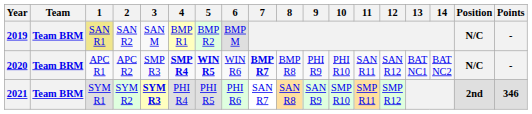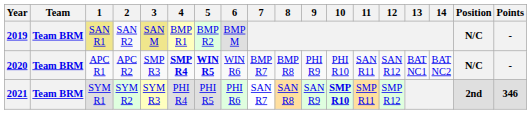 <table class="wikitable" style="text-align:center; font-size:85%">
 <tr>
 <th>Year</th>
 <th>Team</th>
 <th>1</th>
 <th>2</th>
 <th>3</th>
 <th>4</th>
 <th>5</th>
 <th>6</th>
 <th>7</th>
 <th>8</th>
 <th>9</th>
 <th>10</th>
 <th>11</th>
 <th>12</th>
 <th>13</th>
 <th>14</th>
 <th>Position</th>
 <th>Points</th>
 </tr>
 <tr>
 <th><a href='#'>2019</a></th>
 <th nowrap><a href='#'>Team BRM</a></th>
 <td style="background: khaki;"><a href='#'>SAN<br>R1</a></td>
 <td><a href='#'>SAN<br>R2</a></td>
-<td><a href='#'>SAN<br>M</a></td>
+<td style="background: khaki;"><a href='#'>SAN<br>M</a></td>
 <td style=background:#ffffbf><a href='#'>BMP<br>R1</a><br></td>
 <td style=background:#dfffdf><a href='#'>BMP<br>R2</a><br></td>
 <td style=background:#dfdfdf><a href='#'>BMP<br>M</a><br></td>
 <th colspan=8></th>
 <th>N/C</th>
 <th>-</th>
 </tr>
 <tr>
 <th><a href='#'>2020</a></th>
 <th><a href='#'>Team BRM</a></th>
 <td style=background:#f1f8f><a href='#'>APC<br>R1</a><br></td>
 <td style=background:#f1f8f><a href='#'>APC<br>R2</a><br></td>
 <td style=background:#fffff><a href='#'>SMP<br>R3</a><br></td>
 <td style=background:#fffff><strong><a href='#'>SMP<br>R4</a><br></strong></td>
 <td style=background:#fffff><strong><a href='#'>WIN<br>R5</a><br></strong></td>
 <td style=background:#fffff><a href='#'>WIN<br>R6</a><br></td>
-<td style=background:#fffff><strong><a href='#'>BMP<br>R7</a><br></strong></td>
+<td style=background:#fffff><a href='#'>BMP<br>R7</a><br></td>
 <td style=background:#fffff><a href='#'>BMP<br>R8</a><br></td>
 <td style=background:#fffff><a href='#'>PHI<br>R9</a><br></td>
 <td style=background:#fffff><a href='#'>PHI<br>R10</a><br></td>
 <td style=background:#fffff><a href='#'>SAN<br>R11</a><br></td>
 <td style=background:#fffff><a href='#'>SAN<br>R12</a><br></td>
 <td style=background:#fffff><a href='#'>BAT<br>NC1</a><br></td>
 <td style=background:#fffff><a href='#'>BAT<br>NC2</a><br></td>
 <th>N/C</th>
 <th>-</th>
 </tr>
 <tr>
 <th><a href='#'>2021</a></th>
 <th><a href='#'>Team BRM</a></th>
 <td style=background:#dfdfdf><a href='#'>SYM<br>R1</a><br></td>
 <td style=background:#dfffdf><a href='#'>SYM<br>R2</a><br></td>
-<td style=background:#ffffbf><strong><a href='#'>SYM<br>R3</a><br></strong></td>
+<td style=background:#ffffbf><a href='#'>SYM<br>R3</a><br></td>
 <td style=background:#dfdfdf><a href='#'>PHI<br>R4</a><br></td>
 <td style=background:#dfdfdf><a href='#'>PHI<br>R5</a><br></td>
 <td style=background:#dfffdf><a href='#'>PHI<br>R6</a><br></td>
 <td style=background:#ffffff><a href='#'>SAN<br>R7</a><br></td>
 <td style=background:#ffdf9f><a href='#'>SAN<br>R8</a><br></td>
 <td style=background:#dfffdf><a href='#'>SAN<br>R9</a><br></td>
-<td style=background:#dfffdf><a href='#'>SMP<br>R10</a><br></td>
+<td style=background:#dfffdf><strong><a href='#'>SMP<br>R10</a><br></strong></td>
 <td style=background:#ffdf9f><a href='#'>SMP<br>R11</a><br></td>
 <td style=background:#dfffdf><a href='#'>SMP<br>R12</a><br></td>
 <th colspan=2></th>
 <th style=background:#dfdfdf>2nd</th>
 <th style=background:#dfdfdf>346</th>
 </tr>
 </table>
